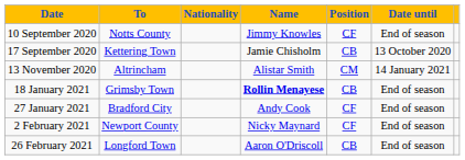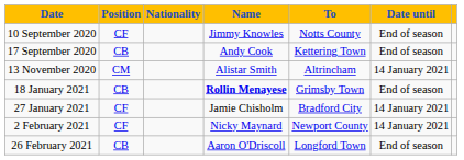 <table class="wikitable"  style="text-align:center; font-size:90%; ">
 <tr>
 <th style="background:#ffbf00; color:#1C4EBD ">Date</th>
-<th style="background:#ffbf00; color:#1C4EBD ">To</th>
+<th style="background:#ffbf00; color:#1C4EBD ">Position</th>
 <th style="background:#ffbf00; color:#1C4EBD ">Nationality</th>
 <th style="background:#ffbf00; color:#1C4EBD ">Name</th>
-<th style="background:#ffbf00; color:#1C4EBD ">Position</th>
+<th style="background:#ffbf00; color:#1C4EBD ">To</th>
 <th style="background:#ffbf00; color:#1C4EBD ">Date until</th>
 <th style="background:#ffbf00; color:#1C4EBD "></th>
 </tr>
 <tr>
 <td>10 September 2020</td>
-<td> <a href='#'>Notts County</a></td>
+<td><a href='#'>CF</a></td>
 <td></td>
 <td><a href='#'>Jimmy Knowles</a></td>
-<td><a href='#'>CF</a></td>
+<td> <a href='#'>Notts County</a></td>
 <td>End of season</td>
 <td></td>
 </tr>
 <tr>
 <td>17 September 2020</td>
+<td><a href='#'>CB</a></td>
+<td></td>
+<td><a href='#'>Andy Cook</a></td>
 <td> <a href='#'>Kettering Town</a></td>
-<td></td>
-<td>Jamie Chisholm</td>
-<td><a href='#'>CB</a></td>
-<td>13 October 2020</td>
+<td>End of season</td>
 <td></td>
 </tr>
 <tr>
 <td>13 November 2020</td>
-<td> <a href='#'>Altrincham</a></td>
+<td><a href='#'>CM</a></td>
 <td></td>
 <td><a href='#'>Alistar Smith</a></td>
-<td><a href='#'>CM</a></td>
+<td> <a href='#'>Altrincham</a></td>
 <td>14 January 2021</td>
 <td></td>
 </tr>
 <tr>
 <td>18 January 2021</td>
-<td> <a href='#'>Grimsby Town</a></td>
+<td><a href='#'>CB</a></td>
 <td></td>
 <td><strong><a href='#'>Rollin Menayese</a></strong></td>
-<td><a href='#'>CB</a></td>
+<td> <a href='#'>Grimsby Town</a></td>
 <td>End of season</td>
 <td></td>
 </tr>
 <tr>
 <td>27 January 2021</td>
+<td><a href='#'>CF</a></td>
+<td></td>
+<td>Jamie Chisholm</td>
 <td> <a href='#'>Bradford City</a></td>
-<td></td>
-<td><a href='#'>Andy Cook</a></td>
-<td><a href='#'>CF</a></td>
-<td>End of season</td>
+<td>14 January 2021</td>
 <td></td>
 </tr>
 <tr>
 <td>2 February 2021</td>
-<td> <a href='#'>Newport County</a></td>
+<td><a href='#'>CF</a></td>
 <td></td>
 <td><a href='#'>Nicky Maynard</a></td>
-<td><a href='#'>CF</a></td>
-<td>End of season</td>
+<td> <a href='#'>Newport County</a></td>
+<td>14 January 2021</td>
 <td></td>
 </tr>
 <tr>
 <td>26 February 2021</td>
-<td> <a href='#'>Longford Town</a></td>
+<td><a href='#'>CB</a></td>
 <td></td>
 <td><a href='#'>Aaron O'Driscoll</a></td>
-<td><a href='#'>CB</a></td>
+<td> <a href='#'>Longford Town</a></td>
 <td>End of season</td>
 <td></td>
 </tr>
 </table>
